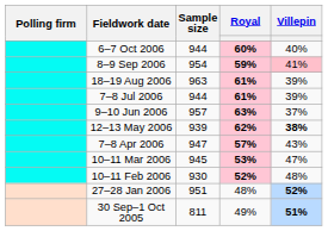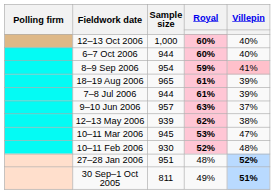 <table class="wikitable sortable" style="text-align:center;font-size:90%;line-height:14px;">
 <tr style="height:40px;">
 <th style="width:100px;" rowspan="2">Polling firm</th>
 <th style="width:110px;" rowspan="2">Fieldwork date</th>
 <th style="width:35px;" rowspan="2">Sample<br>size</th>
 <th class="unsortable" style="width:60px;"><a href='#'>Royal</a><br></th>
 <th class="unsortable" style="width:60px;"><a href='#'>Villepin</a><br></th>
 </tr>
 <tr>
 <th style="background:"></th>
 <th style="background:"></th>
+</tr>
+<tr>
+<td style="background:burlywood;"></td>
+<td data-sort-value="2006-10-13">12–13 Oct 2006</td>
+<td>1,000</td>
+<td style="background:#FFC6D5;"><strong>60%</strong></td>
+<td>40%</td>
 </tr>
 <tr>
 <td style="background:#04FBF4;"></td>
 <td data-sort-value="2006-10-07">6–7 Oct 2006</td>
 <td>944</td>
 <td style="background:#FFC6D5;"><strong>60%</strong></td>
 <td>40%</td>
 </tr>
 <tr>
 <td style="background:#04FBF4;"></td>
 <td data-sort-value="2006-09-09">8–9 Sep 2006</td>
 <td>954</td>
 <td style="background:#FFC6D5;"><strong>59%</strong></td>
 <td style="background: pink;">41%</td>
 </tr>
 <tr>
 <td style="background:#04FBF4;"></td>
 <td data-sort-value="2006-08-19">18–19 Aug 2006</td>
-<td>963</td>
+<td>965</td>
 <td style="background:#FFC6D5;"><strong>61%</strong></td>
 <td>39%</td>
 </tr>
 <tr>
 <td style="background:#04FBF4;"></td>
 <td data-sort-value="2006-07-08">7–8 Jul 2006</td>
 <td>944</td>
 <td style="background:#FFC6D5;"><strong>61%</strong></td>
 <td>39%</td>
 </tr>
 <tr>
 <td style="background:#04FBF4;"></td>
 <td data-sort-value="2006-06-10">9–10 Jun 2006</td>
 <td>957</td>
 <td style="background:#FFC6D5;"><strong>63%</strong></td>
 <td>37%</td>
 </tr>
 <tr>
 <td style="background:#04FBF4;"></td>
 <td data-sort-value="2006-05-13">12–13 May 2006</td>
 <td>939</td>
 <td style="background:#FFC6D5;"><strong>62%</strong></td>
-<td><strong>38%</strong></td>
-</tr>
-<tr>
-<td style="background:#04FBF4;"></td>
-<td data-sort-value="2006-04-08">7–8 Apr 2006</td>
-<td>947</td>
-<td style="background:#FFC6D5;"><strong>57%</strong></td>
-<td>43%</td>
+<td>38%</td>
 </tr>
 <tr>
 <td style="background:#04FBF4;"></td>
 <td data-sort-value="2006-03-11">10–11 Mar 2006</td>
 <td>945</td>
 <td style="background:#FFC6D5;"><strong>53%</strong></td>
 <td>47%</td>
 </tr>
 <tr>
 <td style="background:#04FBF4;"> </td>
 <td data-sort-value="2006-02-11">10–11 Feb 2006</td>
 <td>930</td>
 <td style="background:#FFC6D5;"><strong>52%</strong></td>
 <td>48%</td>
 </tr>
 <tr>
 <td style="background:#FFDFCC;"></td>
 <td data-sort-value="2006-01-28">27–28 Jan 2006</td>
 <td>951</td>
 <td>48%</td>
 <td style="background:#B9DAFF;"><strong>52%</strong></td>
 </tr>
 <tr>
 <td style="background:#FFDFCC;"></td>
 <td data-sort-value="2005-10-01">30 Sep–1 Oct 2005</td>
 <td>811</td>
 <td>49%</td>
 <td style="background:#B9DAFF;"><strong>51%</strong></td>
 </tr>
 </table>
